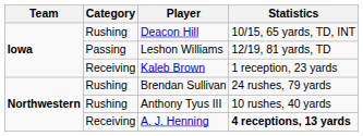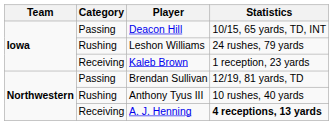 <table class="wikitable" style="float: left;">
 <tr>
 <th>Team</th>
 <th>Category</th>
 <th>Player</th>
 <th>Statistics</th>
 </tr>
 <tr>
 <td rowspan=3><strong>Iowa</strong></td>
-<td>Rushing</td>
+<td>Passing</td>
 <td><a href='#'>Deacon Hill</a></td>
 <td>10/15, 65 yards, TD, INT</td>
 </tr>
 <tr>
-<td>Passing</td>
+<td>Rushing</td>
 <td>Leshon Williams</td>
-<td>12/19, 81 yards, TD</td>
+<td>24 rushes, 79 yards</td>
 </tr>
 <tr>
 <td>Receiving</td>
 <td><a href='#'>Kaleb Brown</a></td>
 <td>1 reception, 23 yards</td>
 </tr>
 <tr>
 <td rowspan=3><strong>Northwestern</strong></td>
-<td>Rushing</td>
+<td>Passing</td>
 <td>Brendan Sullivan</td>
-<td>24 rushes, 79 yards</td>
+<td>12/19, 81 yards, TD</td>
 </tr>
 <tr>
 <td>Rushing</td>
 <td>Anthony Tyus III</td>
 <td>10 rushes, 40 yards</td>
 </tr>
 <tr>
 <td>Receiving</td>
 <td><a href='#'>A. J. Henning</a></td>
 <td><strong>4 receptions, 13 yards</strong></td>
 </tr>
 </table>
